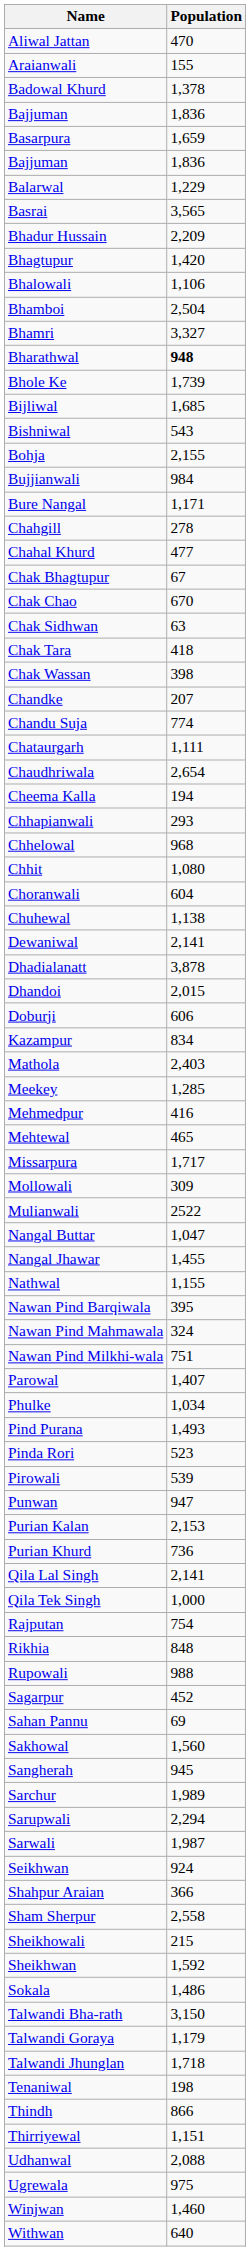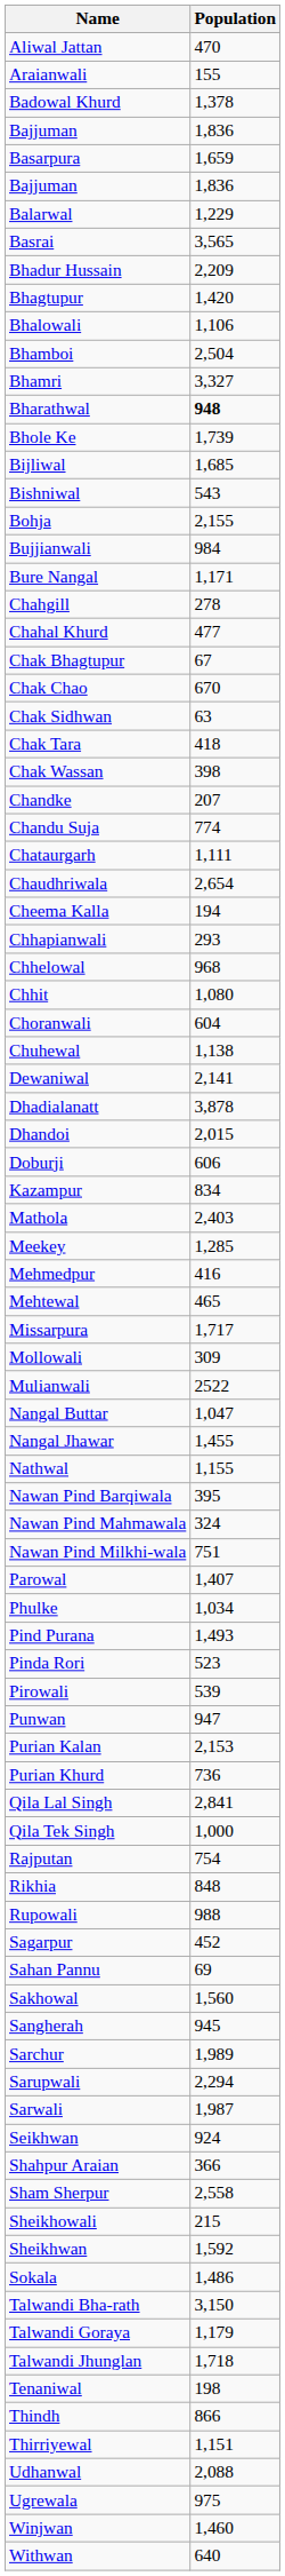 <table class="wikitable">
 <tr>
 <th>Name</th>
 <th>Population</th>
 </tr>
 <tr>
 <td><a href='#'>Aliwal Jattan</a></td>
 <td>470</td>
 </tr>
 <tr>
 <td><a href='#'>Araianwali</a></td>
 <td>155</td>
 </tr>
 <tr>
 <td><a href='#'>Badowal Khurd</a></td>
 <td>1,378</td>
 </tr>
 <tr>
 <td><a href='#'>Bajjuman</a></td>
 <td>1,836</td>
 </tr>
 <tr>
 <td><a href='#'>Basarpura</a></td>
 <td>1,659</td>
 </tr>
 <tr>
 <td><a href='#'>Bajjuman</a></td>
 <td>1,836</td>
 </tr>
 <tr>
 <td><a href='#'>Balarwal</a></td>
 <td>1,229</td>
 </tr>
 <tr>
 <td><a href='#'>Basrai</a></td>
 <td>3,565</td>
 </tr>
 <tr>
 <td><a href='#'>Bhadur Hussain</a></td>
 <td>2,209</td>
 </tr>
 <tr>
 <td><a href='#'>Bhagtupur</a></td>
 <td>1,420</td>
 </tr>
 <tr>
 <td><a href='#'>Bhalowali</a></td>
 <td>1,106</td>
 </tr>
 <tr>
 <td><a href='#'>Bhamboi</a></td>
 <td>2,504</td>
 </tr>
 <tr>
 <td><a href='#'>Bhamri</a></td>
 <td>3,327</td>
 </tr>
 <tr>
 <td><a href='#'>Bharathwal</a></td>
 <td><strong>948</strong></td>
 </tr>
 <tr>
 <td><a href='#'>Bhole Ke</a></td>
 <td>1,739</td>
 </tr>
 <tr>
 <td><a href='#'>Bijliwal</a></td>
 <td>1,685</td>
 </tr>
 <tr>
 <td><a href='#'>Bishniwal</a></td>
 <td>543</td>
 </tr>
 <tr>
 <td><a href='#'>Bohja</a></td>
 <td>2,155</td>
 </tr>
 <tr>
 <td><a href='#'>Bujjianwali</a></td>
 <td>984</td>
 </tr>
 <tr>
 <td><a href='#'>Bure Nangal</a></td>
 <td>1,171</td>
 </tr>
 <tr>
 <td><a href='#'>Chahgill</a></td>
 <td>278</td>
 </tr>
 <tr>
 <td><a href='#'>Chahal Khurd</a></td>
 <td>477</td>
 </tr>
 <tr>
 <td><a href='#'>Chak Bhagtupur</a></td>
 <td>67</td>
 </tr>
 <tr>
 <td><a href='#'>Chak Chao</a></td>
 <td>670</td>
 </tr>
 <tr>
 <td><a href='#'>Chak Sidhwan</a></td>
 <td>63</td>
 </tr>
 <tr>
 <td><a href='#'>Chak Tara</a></td>
 <td>418</td>
 </tr>
 <tr>
 <td><a href='#'>Chak Wassan</a></td>
 <td>398</td>
 </tr>
 <tr>
 <td><a href='#'>Chandke</a></td>
 <td>207</td>
 </tr>
 <tr>
 <td><a href='#'>Chandu Suja</a></td>
 <td>774</td>
 </tr>
 <tr>
 <td><a href='#'>Chataurgarh</a></td>
 <td>1,111</td>
 </tr>
 <tr>
 <td><a href='#'>Chaudhriwala</a></td>
 <td>2,654</td>
 </tr>
 <tr>
 <td><a href='#'>Cheema Kalla</a></td>
 <td>194</td>
 </tr>
 <tr>
 <td><a href='#'>Chhapianwali</a></td>
 <td>293</td>
 </tr>
 <tr>
 <td><a href='#'>Chhelowal</a></td>
 <td>968</td>
 </tr>
 <tr>
 <td><a href='#'>Chhit</a></td>
 <td>1,080</td>
 </tr>
 <tr>
 <td><a href='#'>Choranwali</a></td>
 <td>604</td>
 </tr>
 <tr>
 <td><a href='#'>Chuhewal</a></td>
 <td>1,138</td>
 </tr>
 <tr>
 <td><a href='#'>Dewaniwal</a></td>
 <td>2,141</td>
 </tr>
 <tr>
 <td><a href='#'>Dhadialanatt</a></td>
 <td>3,878</td>
 </tr>
 <tr>
 <td><a href='#'>Dhandoi</a></td>
 <td>2,015</td>
 </tr>
 <tr>
 <td><a href='#'>Doburji</a></td>
 <td>606</td>
 </tr>
 <tr>
 <td><a href='#'>Kazampur</a></td>
 <td>834</td>
 </tr>
 <tr>
 <td><a href='#'>Mathola</a></td>
 <td>2,403</td>
 </tr>
 <tr>
 <td><a href='#'>Meekey</a></td>
 <td>1,285</td>
 </tr>
 <tr>
 <td><a href='#'>Mehmedpur</a></td>
 <td>416</td>
 </tr>
 <tr>
 <td><a href='#'>Mehtewal</a></td>
 <td>465</td>
 </tr>
 <tr>
 <td><a href='#'>Missarpura</a></td>
 <td>1,717</td>
 </tr>
 <tr>
 <td><a href='#'>Mollowali</a></td>
 <td>309</td>
 </tr>
 <tr>
 <td><a href='#'>Mulianwali</a></td>
 <td>2522</td>
 </tr>
 <tr>
 <td><a href='#'>Nangal Buttar</a></td>
 <td>1,047</td>
 </tr>
 <tr>
 <td><a href='#'>Nangal Jhawar</a></td>
 <td>1,455</td>
 </tr>
 <tr>
 <td><a href='#'>Nathwal</a></td>
 <td>1,155</td>
 </tr>
 <tr>
 <td><a href='#'>Nawan Pind Barqiwala</a></td>
 <td>395</td>
 </tr>
 <tr>
 <td><a href='#'>Nawan Pind Mahmawala</a></td>
 <td>324</td>
 </tr>
 <tr>
 <td><a href='#'>Nawan Pind Milkhi-wala</a></td>
 <td>751</td>
 </tr>
 <tr>
 <td><a href='#'>Parowal</a></td>
 <td>1,407</td>
 </tr>
 <tr>
 <td><a href='#'>Phulke</a></td>
 <td>1,034</td>
 </tr>
 <tr>
 <td><a href='#'>Pind Purana</a></td>
 <td>1,493</td>
 </tr>
 <tr>
 <td><a href='#'>Pinda Rori</a></td>
 <td>523</td>
 </tr>
 <tr>
 <td><a href='#'>Pirowali</a></td>
 <td>539</td>
 </tr>
 <tr>
 <td><a href='#'>Punwan</a></td>
 <td>947</td>
 </tr>
 <tr>
 <td><a href='#'>Purian Kalan</a></td>
 <td>2,153</td>
 </tr>
 <tr>
 <td><a href='#'>Purian Khurd</a></td>
 <td>736</td>
 </tr>
 <tr>
 <td><a href='#'>Qila Lal Singh</a></td>
-<td>2,141</td>
+<td>2,841</td>
 </tr>
 <tr>
 <td><a href='#'>Qila Tek Singh</a></td>
 <td>1,000</td>
 </tr>
 <tr>
 <td><a href='#'>Rajputan</a></td>
 <td>754</td>
 </tr>
 <tr>
 <td><a href='#'>Rikhia</a></td>
 <td>848</td>
 </tr>
 <tr>
 <td><a href='#'>Rupowali</a></td>
 <td>988</td>
 </tr>
 <tr>
 <td><a href='#'>Sagarpur</a></td>
 <td>452</td>
 </tr>
 <tr>
 <td><a href='#'>Sahan Pannu</a></td>
 <td>69</td>
 </tr>
 <tr>
 <td><a href='#'>Sakhowal</a></td>
 <td>1,560</td>
 </tr>
 <tr>
 <td><a href='#'>Sangherah</a></td>
 <td>945</td>
 </tr>
 <tr>
 <td><a href='#'>Sarchur</a></td>
 <td>1,989</td>
 </tr>
 <tr>
 <td><a href='#'>Sarupwali</a></td>
 <td>2,294</td>
 </tr>
 <tr>
 <td><a href='#'>Sarwali</a></td>
 <td>1,987</td>
 </tr>
 <tr>
 <td><a href='#'>Seikhwan</a></td>
 <td>924</td>
 </tr>
 <tr>
 <td><a href='#'>Shahpur Araian</a></td>
 <td>366</td>
 </tr>
 <tr>
 <td><a href='#'>Sham Sherpur</a></td>
 <td>2,558</td>
 </tr>
 <tr>
 <td><a href='#'>Sheikhowali</a></td>
 <td>215</td>
 </tr>
 <tr>
 <td><a href='#'>Sheikhwan</a></td>
 <td>1,592</td>
 </tr>
 <tr>
 <td><a href='#'>Sokala</a></td>
 <td>1,486</td>
 </tr>
 <tr>
 <td><a href='#'>Talwandi Bha-rath</a></td>
 <td>3,150</td>
 </tr>
 <tr>
 <td><a href='#'>Talwandi Goraya</a></td>
 <td>1,179</td>
 </tr>
 <tr>
 <td><a href='#'>Talwandi Jhunglan</a></td>
 <td>1,718</td>
 </tr>
 <tr>
 <td><a href='#'>Tenaniwal</a></td>
 <td>198</td>
 </tr>
 <tr>
 <td><a href='#'>Thindh</a></td>
 <td>866</td>
 </tr>
 <tr>
 <td><a href='#'>Thirriyewal</a></td>
 <td>1,151</td>
 </tr>
 <tr>
 <td><a href='#'>Udhanwal</a></td>
 <td>2,088</td>
 </tr>
 <tr>
 <td><a href='#'>Ugrewala</a></td>
 <td>975</td>
 </tr>
 <tr>
 <td><a href='#'>Winjwan</a></td>
 <td>1,460</td>
 </tr>
 <tr>
 <td><a href='#'>Withwan</a></td>
 <td>640</td>
 </tr>
 </table>
